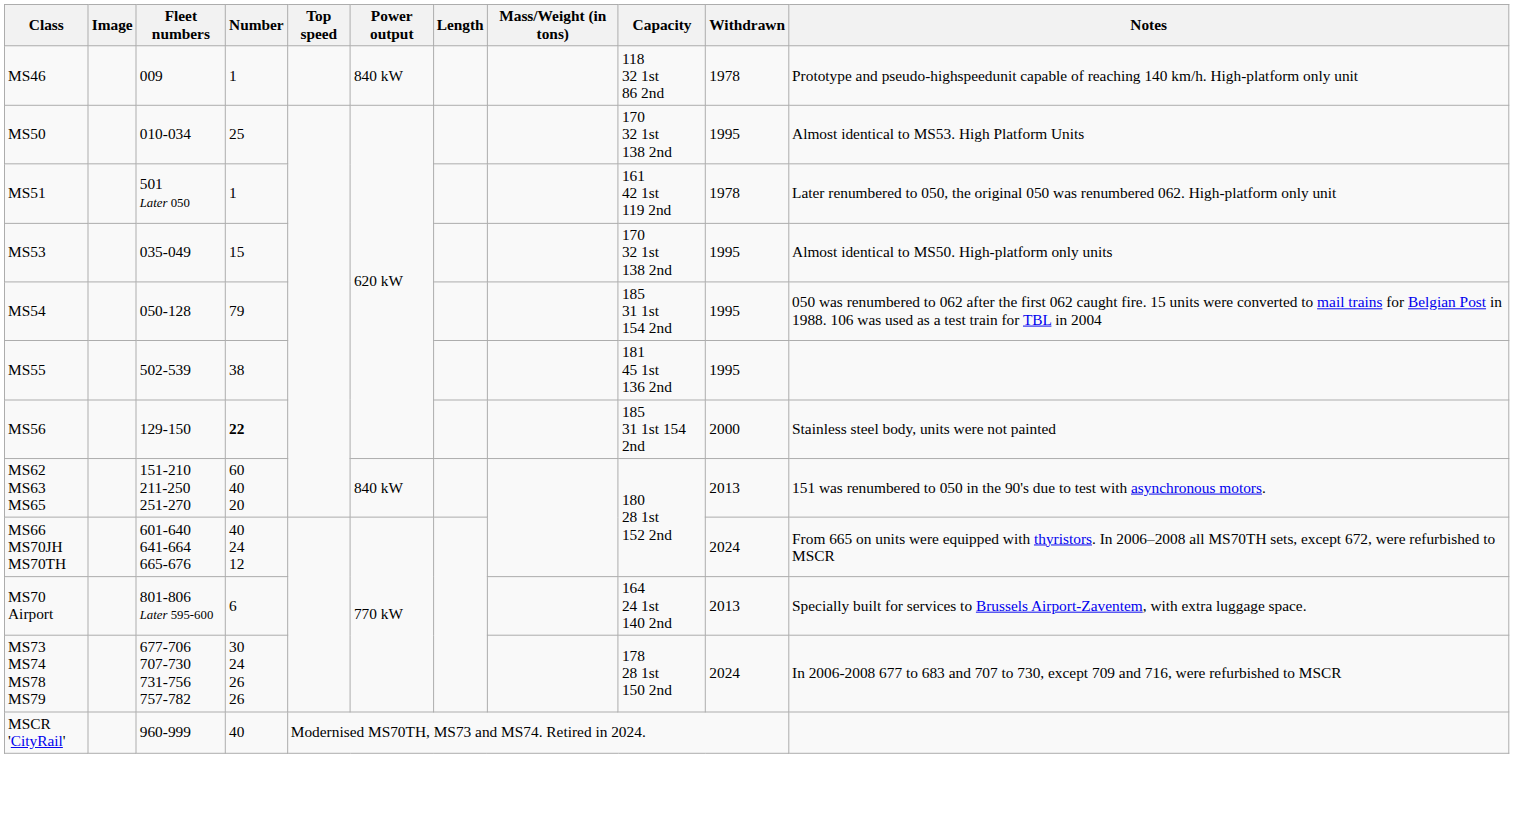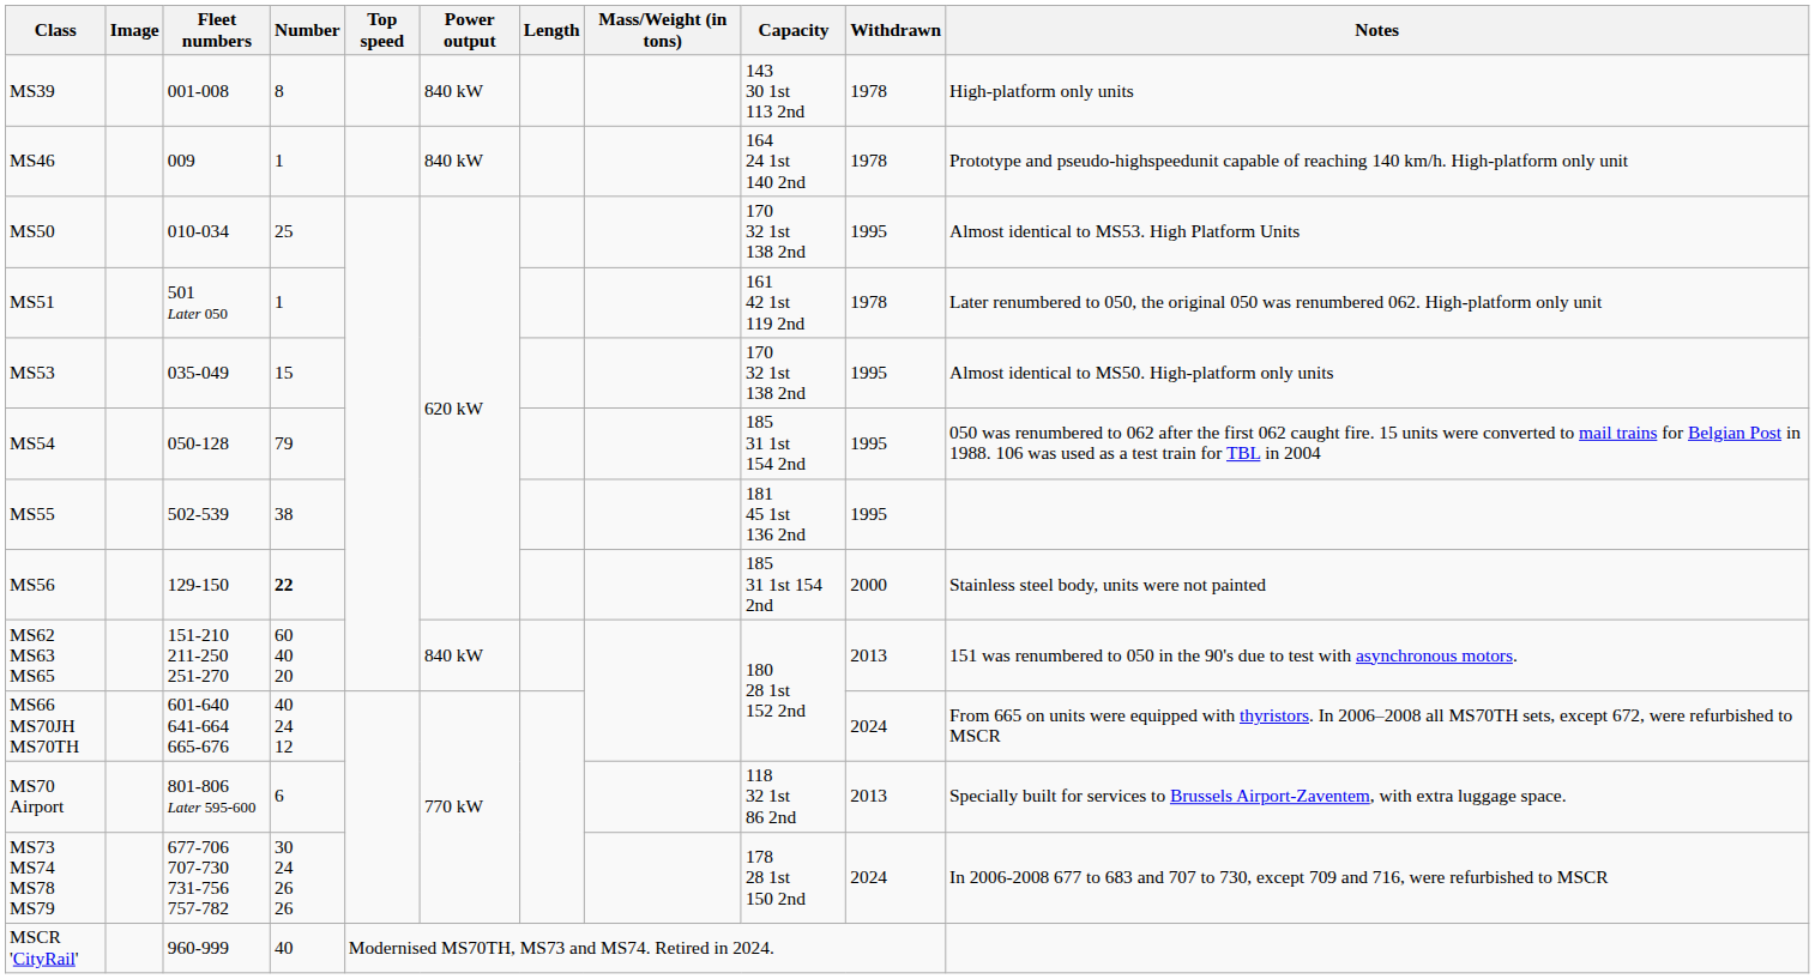 <table class="wikitable">
 <tr>
 <th>Class</th>
 <th>Image</th>
 <th>Fleet numbers</th>
 <th>Number</th>
 <th>Top speed</th>
 <th>Power output</th>
 <th>Length</th>
 <th>Mass/Weight (in tons)</th>
 <th>Capacity</th>
 <th>Withdrawn</th>
 <th>Notes</th>
 </tr>
 <tr>
+<td>MS39</td>
+<td></td>
+<td>001-008</td>
+<td>8</td>
+<td></td>
+<td>840 kW</td>
+<td></td>
+<td></td>
+<td>143<br>30 1st<br>113 2nd</td>
+<td>1978</td>
+<td>High-platform only units</td>
+</tr>
+<tr>
 <td>MS46</td>
 <td></td>
 <td>009</td>
 <td>1</td>
 <td></td>
 <td>840 kW</td>
 <td></td>
 <td></td>
-<td>118<br>32 1st<br>86 2nd</td>
+<td>164<br>24 1st<br>140 2nd</td>
 <td>1978</td>
 <td>Prototype and pseudo-highspeedunit capable of reaching 140 km/h. High-platform only unit</td>
 </tr>
 <tr>
 <td>MS50</td>
 <td></td>
 <td>010-034</td>
 <td>25</td>
 <td rowspan="7"></td>
 <td rowspan="6">620 kW</td>
 <td></td>
 <td></td>
 <td>170<br>32 1st<br>138 2nd</td>
 <td>1995</td>
 <td>Almost identical to MS53. High Platform Units</td>
 </tr>
 <tr>
 <td>MS51</td>
 <td></td>
 <td>501<br><small><em>Later</em> 050</small></td>
 <td>1</td>
 <td></td>
 <td></td>
 <td>161<br>42 1st<br>119 2nd</td>
 <td>1978</td>
 <td>Later renumbered to 050, the original 050 was renumbered 062. High-platform only unit</td>
 </tr>
 <tr>
 <td>MS53</td>
 <td></td>
 <td>035-049</td>
 <td>15</td>
 <td></td>
 <td></td>
 <td>170<br>32 1st<br>138 2nd</td>
 <td>1995</td>
 <td>Almost identical to MS50. High-platform only units</td>
 </tr>
 <tr>
 <td>MS54</td>
 <td></td>
 <td>050-128</td>
 <td>79</td>
 <td></td>
 <td></td>
 <td>185<br>31 1st<br>154 2nd</td>
 <td>1995</td>
 <td>050 was renumbered to 062 after the first 062 caught fire. 15 units were converted to <a href='#'>mail trains</a> for <a href='#'>Belgian Post</a> in 1988. 106 was used as a test train for <a href='#'>TBL</a> in 2004</td>
 </tr>
 <tr>
 <td>MS55</td>
 <td></td>
 <td>502-539</td>
 <td>38</td>
 <td></td>
 <td></td>
 <td>181<br>45 1st<br>136 2nd</td>
 <td>1995</td>
 <td></td>
 </tr>
 <tr>
 <td>MS56</td>
 <td></td>
 <td>129-150</td>
 <td><strong>22</strong></td>
 <td></td>
 <td></td>
 <td>185<br>31 1st 154 2nd</td>
 <td>2000</td>
 <td>Stainless steel body, units were not painted</td>
 </tr>
 <tr>
 <td>MS62<br>MS63<br>MS65</td>
 <td></td>
 <td>151-210<br>211-250<br>251-270</td>
 <td>60<br>40<br>20</td>
 <td>840 kW</td>
 <td></td>
 <td rowspan="2"></td>
 <td rowspan="2">180<br>28 1st<br>152 2nd</td>
 <td>2013</td>
 <td>151 was renumbered to 050 in the 90's due to test with <a href='#'>asynchronous motors</a>.</td>
 </tr>
 <tr>
 <td>MS66<br>MS70JH<br>MS70TH</td>
 <td></td>
 <td>601-640<br>641-664<br>665-676</td>
 <td>40<br>24<br>12</td>
 <td rowspan="3"></td>
 <td rowspan="3">770 kW</td>
 <td rowspan="3"></td>
 <td>2024</td>
 <td>From 665 on units were equipped with <a href='#'>thyristors</a>. In 2006–2008 all MS70TH sets, except 672, were refurbished to MSCR</td>
 </tr>
 <tr>
 <td>MS70 Airport</td>
 <td></td>
 <td>801-806<br><small><em>Later</em> 595-600</small></td>
 <td>6</td>
 <td></td>
-<td>164<br>24 1st<br>140 2nd</td>
+<td>118<br>32 1st<br>86 2nd</td>
 <td>2013</td>
 <td>Specially built for services to <a href='#'>Brussels Airport-Zaventem</a>, with extra luggage space.</td>
 </tr>
 <tr>
 <td>MS73<br>MS74<br>MS78<br>MS79</td>
 <td></td>
 <td>677-706<br>707-730<br>731-756<br>757-782</td>
 <td>30<br>24<br>26<br>26</td>
 <td></td>
 <td>178<br>28 1st<br>150 2nd</td>
 <td>2024</td>
 <td>In 2006-2008 677 to 683 and 707 to 730, except 709 and 716, were refurbished to MSCR</td>
 </tr>
 <tr>
 <td>MSCR<br>'<a href='#'>CityRail</a>'</td>
 <td></td>
 <td>960-999</td>
 <td>40</td>
 <td colspan="6">Modernised MS70TH, MS73 and MS74. Retired in 2024.</td>
 <td></td>
 </tr>
 </table>
